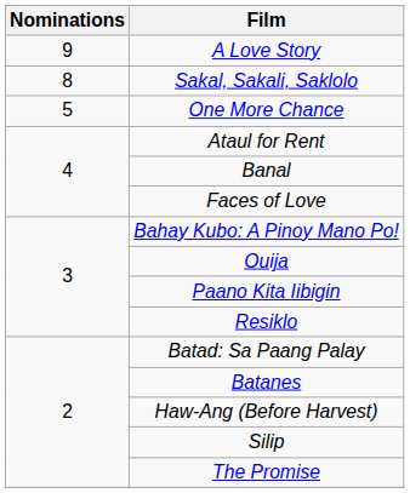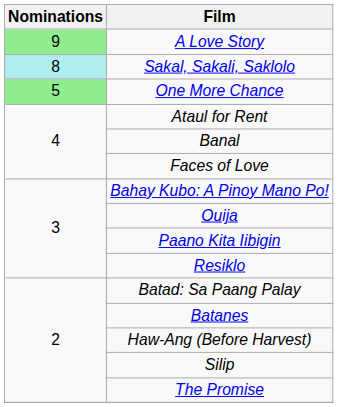 <table class="wikitable" style="text-align:center;">
 <tr>
 <th scope="col" width="55">Nominations</th>
 <th scope="col" align="center">Film</th>
 </tr>
 <tr>
-<td style="text-align:center">9</td>
+<td style="background: lightgreen; text-align:center">9</td>
 <td><em><a href='#'>A Love Story</a></em></td>
 </tr>
 <tr>
-<td style="text-align:center">8</td>
+<td style="background: paleturquoise; text-align:center">8</td>
 <td><em><a href='#'>Sakal, Sakali, Saklolo</a></em></td>
 </tr>
 <tr>
-<td style="text-align:center">5</td>
+<td style="background: lightgreen; text-align:center">5</td>
 <td><em><a href='#'>One More Chance</a></em></td>
 </tr>
 <tr>
 <td rowspan=3 style="text-align:center">4</td>
 <td><em>Ataul for Rent</em></td>
 </tr>
 <tr>
 <td><em>Banal</em></td>
 </tr>
 <tr>
 <td><em>Faces of Love</em></td>
 </tr>
 <tr>
 <td rowspan=4 style="text-align:center">3</td>
 <td><em><a href='#'>Bahay Kubo: A Pinoy Mano Po!</a></em></td>
 </tr>
 <tr>
 <td><em><a href='#'>Ouija</a></em></td>
 </tr>
 <tr>
 <td><em><a href='#'>Paano Kita Iibigin</a></em></td>
 </tr>
 <tr>
 <td><em><a href='#'>Resiklo</a></em></td>
 </tr>
 <tr>
 <td rowspan=5 style="text-align:center">2</td>
 <td><em>Batad: Sa Paang Palay</em></td>
 </tr>
 <tr>
 <td><em><a href='#'>Batanes</a></em></td>
 </tr>
 <tr>
 <td><em>Haw-Ang (Before Harvest)</em></td>
 </tr>
 <tr>
 <td><em>Silip</em></td>
 </tr>
 <tr>
 <td><em><a href='#'>The Promise</a></em></td>
 </tr>
 <tr>
 </tr>
 </table>
